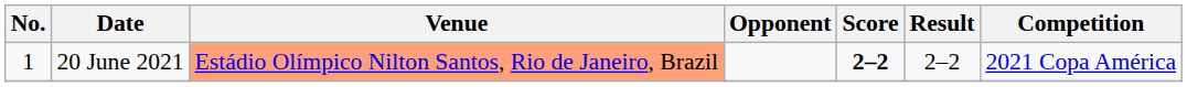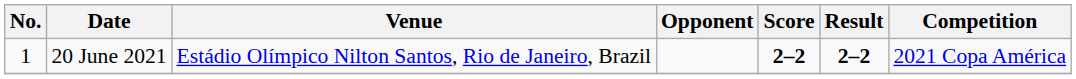 <table class="wikitable sortable">
 <tr>
 <th scope="col">No.</th>
 <th scope="col">Date</th>
 <th scope="col">Venue</th>
 <th scope="col">Opponent</th>
 <th scope="col">Score</th>
 <th scope="col">Result</th>
 <th scope="col">Competition</th>
 </tr>
 <tr>
 <td align="center">1</td>
 <td>20 June 2021</td>
-<td style="background: lightsalmon;"><a href='#'>Estádio Olímpico Nilton Santos</a>, <a href='#'>Rio de Janeiro</a>, Brazil</td>
+<td><a href='#'>Estádio Olímpico Nilton Santos</a>, <a href='#'>Rio de Janeiro</a>, Brazil</td>
 <td></td>
 <td align="center"><strong>2–2</strong></td>
-<td align="center">2–2</td>
+<td align="center"><strong>2–2</strong></td>
 <td><a href='#'>2021 Copa América</a></td>
 </tr>
 <tr>
 </tr>
 </table>
